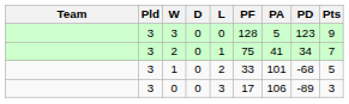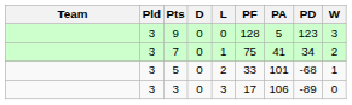 <table class="wikitable" style="text-align:center;">
 <tr>
 <th width=175>Team</th>
 <th width=25 abbr="Played">Pld</th>
-<th width=25 abbr="Won">W</th>
+<th width=25 abbr="Points">Pts</th>
 <th width=25 abbr="Drawn">D</th>
 <th width=25 abbr="Lost">L</th>
 <th width=32 abbr="Points for">PF</th>
 <th width=32 abbr="Points against">PA</th>
 <th width=32 abbr="Points difference">PD</th>
-<th width=25 abbr="Points">Pts</th>
+<th width=25 abbr="Won">W</th>
 </tr>
 <tr bgcolor="#ccffcc">
 <td align=left></td>
 <td>3</td>
-<td>3</td>
+<td>9</td>
 <td>0</td>
 <td>0</td>
 <td>128</td>
 <td>5</td>
 <td>123</td>
-<td>9</td>
+<td>3</td>
 </tr>
 <tr bgcolor="#ccffcc">
 <td align=left></td>
 <td>3</td>
-<td>2</td>
+<td>7</td>
 <td>0</td>
 <td>1</td>
 <td>75</td>
 <td>41</td>
 <td>34</td>
-<td>7</td>
+<td>2</td>
 </tr>
 <tr>
 <td align=left></td>
 <td>3</td>
-<td>1</td>
+<td>5</td>
 <td>0</td>
 <td>2</td>
 <td>33</td>
 <td>101</td>
 <td>-68</td>
-<td>5</td>
+<td>1</td>
 </tr>
 <tr>
 <td align=left></td>
 <td>3</td>
-<td>0</td>
+<td>3</td>
 <td>0</td>
 <td>3</td>
 <td>17</td>
 <td>106</td>
 <td>-89</td>
-<td>3</td>
+<td>0</td>
 </tr>
 </table>
